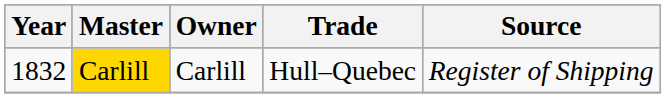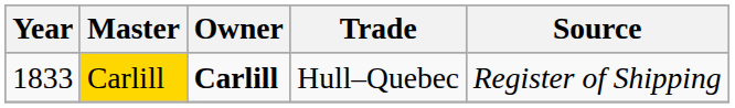 <table class=" wikitable">
 <tr>
 <th>Year</th>
 <th>Master</th>
 <th>Owner</th>
 <th>Trade</th>
 <th>Source</th>
 </tr>
 <tr>
-<td>1832</td>
+<td>1833</td>
 <td style="background: gold;">Carlill</td>
-<td>Carlill</td>
+<td><strong>Carlill</strong></td>
 <td>Hull–Quebec</td>
 <td><em>Register of Shipping</em></td>
 </tr>
 <tr>
 </tr>
 </table>
